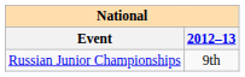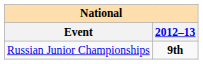 <table class="wikitable" style="text-align:center">
 <tr>
 <th style="background-color: #ffdead; " colspan=2 align=center>National</th>
 </tr>
 <tr>
 <th>Event</th>
 <th><a href='#'>2012–13</a></th>
 </tr>
 <tr>
 <td align=left><a href='#'>Russian Junior Championships</a></td>
-<td>9th</td>
+<td><strong>9th</strong></td>
 </tr>
 </table>
